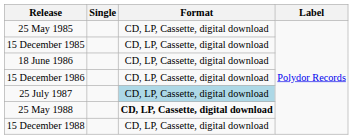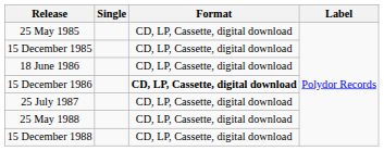 <table class="wikitable plainrowheaders" style="text-align:center;">
 <tr>
 <th scope="col">Release</th>
 <th scope="col">Single</th>
 <th scope="col">Format</th>
 <th scope="col">Label</th>
 </tr>
 <tr>
 <td>25 May 1985</td>
 <td style="text-align:left;"><br></td>
 <td>CD, LP, Cassette, digital download</td>
 <td rowspan="7"><a href='#'>Polydor Records</a></td>
 </tr>
 <tr>
 <td>15 December 1985</td>
 <td style="text-align:left;"><br></td>
 <td>CD, LP, Cassette, digital download</td>
 </tr>
 <tr>
 <td>18 June 1986</td>
 <td style="text-align:left;"><br></td>
 <td>CD, LP, Cassette, digital download</td>
 </tr>
 <tr>
 <td>15 December 1986</td>
 <td style="text-align:left;"><br></td>
-<td>CD, LP, Cassette, digital download</td>
+<td><strong>CD, LP, Cassette, digital download</strong></td>
 </tr>
 <tr>
 <td>25 July 1987</td>
 <td style="text-align:left;"><br></td>
-<td style="background: lightblue;">CD, LP, Cassette, digital download</td>
+<td>CD, LP, Cassette, digital download</td>
 </tr>
 <tr>
 <td>25 May 1988</td>
 <td style="text-align:left;"><br></td>
-<td><strong>CD, LP, Cassette, digital download</strong></td>
+<td>CD, LP, Cassette, digital download</td>
 </tr>
 <tr>
 <td>15 December 1988</td>
 <td style="text-align:left;"><br></td>
 <td>CD, LP, Cassette, digital download</td>
 </tr>
 </table>
